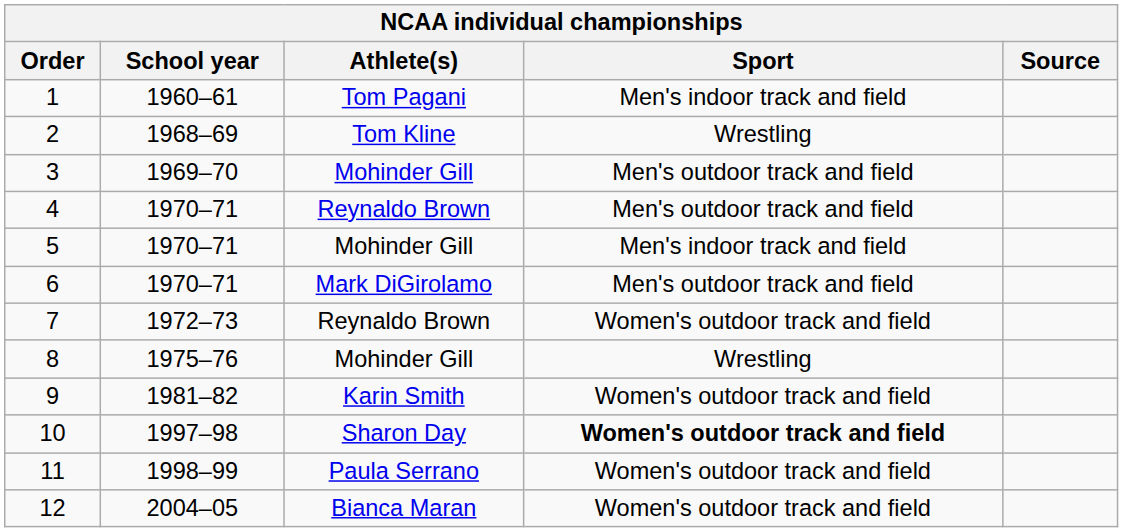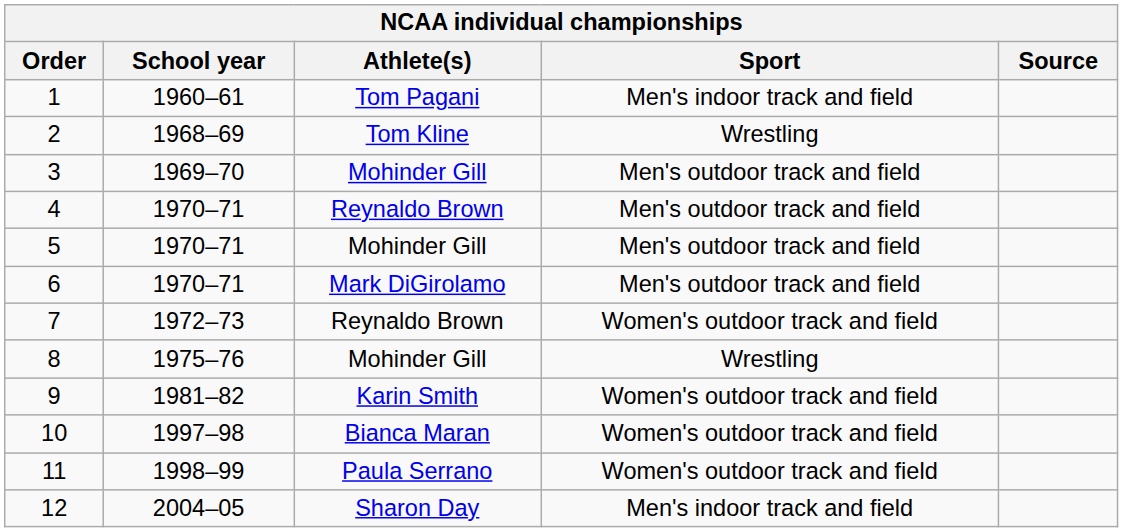 <table class="wikitable sortable" width="60%">
 <tr align="center">
 <th colspan=5>NCAA individual championships</th>
 </tr>
 <tr>
 <th>Order</th>
 <th>School year</th>
 <th>Athlete(s)</th>
 <th>Sport</th>
 <th>Source</th>
 </tr>
 <tr align="center" bgcolor="">
 <td>1</td>
 <td>1960–61</td>
 <td><a href='#'>Tom Pagani</a></td>
 <td>Men's indoor track and field</td>
 <td></td>
 </tr>
 <tr align="center" bgcolor="">
 <td>2</td>
 <td>1968–69</td>
 <td><a href='#'>Tom Kline</a></td>
 <td>Wrestling</td>
 <td></td>
 </tr>
 <tr align="center" bgcolor="">
 <td>3</td>
 <td>1969–70</td>
 <td><a href='#'>Mohinder Gill</a></td>
 <td>Men's outdoor track and field</td>
 <td></td>
 </tr>
 <tr align="center" bgcolor="">
 <td>4</td>
 <td>1970–71</td>
 <td><a href='#'>Reynaldo Brown</a></td>
 <td>Men's outdoor track and field</td>
 <td></td>
 </tr>
 <tr align="center" bgcolor="">
 <td>5</td>
 <td>1970–71</td>
 <td>Mohinder Gill</td>
-<td>Men's indoor track and field</td>
+<td>Men's outdoor track and field</td>
 <td></td>
 </tr>
 <tr align="center" bgcolor="">
 <td>6</td>
 <td>1970–71</td>
 <td><a href='#'>Mark DiGirolamo</a></td>
 <td>Men's outdoor track and field</td>
 <td></td>
 </tr>
 <tr align="center" bgcolor="">
 <td>7</td>
 <td>1972–73</td>
 <td>Reynaldo Brown</td>
 <td>Women's outdoor track and field</td>
 <td></td>
 </tr>
 <tr align="center" bgcolor="">
 <td>8</td>
 <td>1975–76</td>
 <td>Mohinder Gill</td>
 <td>Wrestling</td>
 <td></td>
 </tr>
 <tr align="center" bgcolor="">
 <td>9</td>
 <td>1981–82</td>
 <td><a href='#'>Karin Smith</a></td>
 <td>Women's outdoor track and field</td>
 <td></td>
 </tr>
 <tr align="center" bgcolor="">
 <td>10</td>
 <td>1997–98</td>
-<td><a href='#'>Sharon Day</a></td>
-<td><strong>Women's outdoor track and field</strong></td>
+<td><a href='#'>Bianca Maran</a></td>
+<td>Women's outdoor track and field</td>
 <td></td>
 </tr>
 <tr align="center" bgcolor="">
 <td>11</td>
 <td>1998–99</td>
 <td><a href='#'>Paula Serrano</a></td>
 <td>Women's outdoor track and field</td>
 <td></td>
 </tr>
 <tr align="center" bgcolor="">
 <td>12</td>
 <td>2004–05</td>
-<td><a href='#'>Bianca Maran</a></td>
-<td>Women's outdoor track and field</td>
+<td><a href='#'>Sharon Day</a></td>
+<td>Men's indoor track and field</td>
 <td></td>
 </tr>
 </table>
